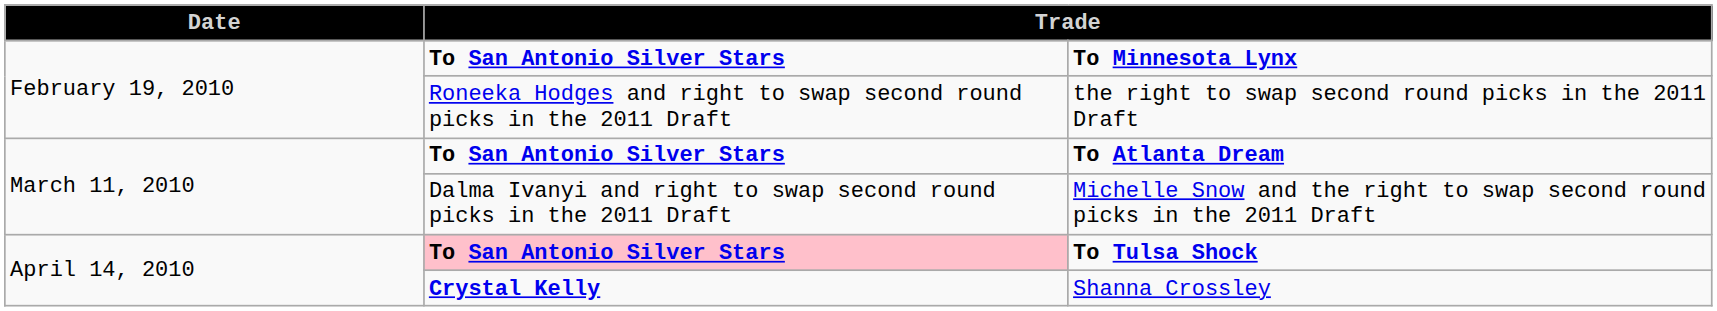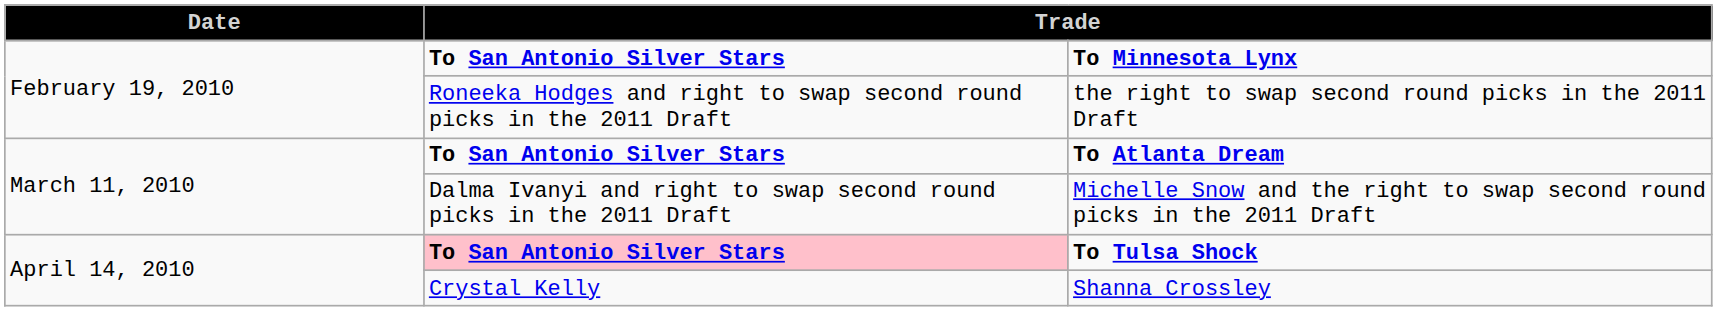 <table class="wikitable" style="width:80%">
 <tr>
 <th style="background:#000000;color:#D3D3D3; width=125">Date</th>
 <th style="background:#000000;color:#D3D3D3;" colspan=2>Trade</th>
 </tr>
 <tr>
 <td rowspan=2>February 19, 2010</td>
 <td width=375><strong>To <a href='#'>San Antonio Silver Stars</a></strong></td>
 <td width=375><strong>To <a href='#'>Minnesota Lynx</a></strong></td>
 </tr>
 <tr>
 <td><a href='#'>Roneeka Hodges</a> and right to swap second round picks in the 2011 Draft</td>
 <td>the right to swap second round picks in the 2011 Draft</td>
 </tr>
 <tr>
 <td rowspan=2>March 11, 2010</td>
 <td width=375><strong>To <a href='#'>San Antonio Silver Stars</a></strong></td>
 <td width=375><strong>To <a href='#'>Atlanta Dream</a></strong></td>
 </tr>
 <tr>
 <td>Dalma Ivanyi and right to swap second round picks in the 2011 Draft</td>
 <td><a href='#'>Michelle Snow</a> and the right to swap second round picks in the 2011 Draft</td>
 </tr>
 <tr>
 <td rowspan=2>April 14, 2010</td>
 <td width=375 style="background: pink;"><strong>To <a href='#'>San Antonio Silver Stars</a></strong></td>
 <td width=375><strong>To <a href='#'>Tulsa Shock</a></strong></td>
 </tr>
 <tr>
-<td><strong><a href='#'>Crystal Kelly</a></strong></td>
+<td><a href='#'>Crystal Kelly</a></td>
 <td><a href='#'>Shanna Crossley</a></td>
 </tr>
 </table>
